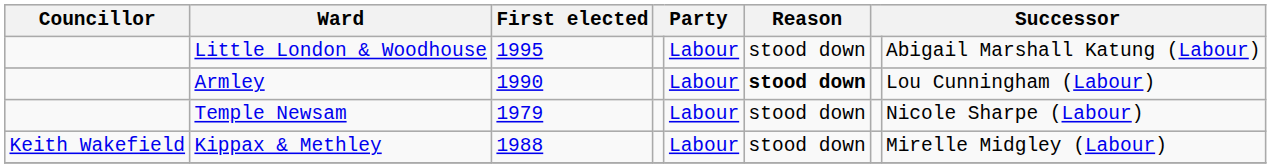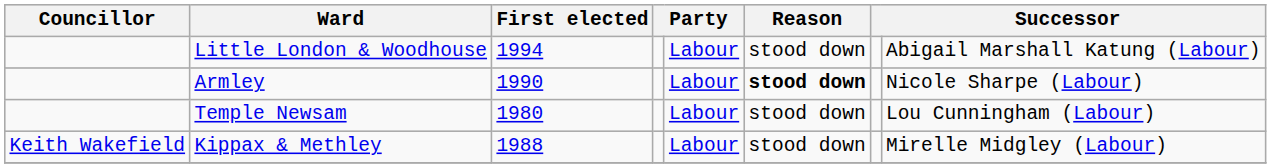 <table class="wikitable sortable" style="font-size:95%;">
 <tr>
 <th scope="col">Councillor</th>
 <th scope="col">Ward</th>
 <th scope="col">First elected</th>
 <th colspan="2" scope="col">Party</th>
 <th scope="col">Reason</th>
 <th colspan="2" scope="col">Successor</th>
 </tr>
 <tr>
 <td></td>
 <td><a href='#'>Little London & Woodhouse</a></td>
-<td><a href='#'>1995</a></td>
+<td><a href='#'>1994</a></td>
 <td width="1" style="color:inherit;background:"></td>
 <td><a href='#'>Labour</a></td>
 <td>stood down</td>
 <td width="1" style="color:inherit;background:"></td>
 <td>Abigail Marshall Katung (<a href='#'>Labour</a>)</td>
 </tr>
 <tr>
 <td></td>
 <td><a href='#'>Armley</a></td>
 <td><a href='#'>1990</a></td>
 <td width="1" style="color:inherit;background:"></td>
 <td><a href='#'>Labour</a></td>
 <td><strong>stood down</strong></td>
 <td width="1" style="color:inherit;background:"></td>
-<td>Lou Cunningham (<a href='#'>Labour</a>)</td>
+<td>Nicole Sharpe (<a href='#'>Labour</a>)</td>
 </tr>
 <tr>
 <td> </td>
 <td><a href='#'>Temple Newsam</a></td>
-<td><a href='#'>1979</a></td>
+<td><a href='#'>1980</a></td>
 <td width="1" style="color:inherit;background:"></td>
 <td><a href='#'>Labour</a></td>
 <td>stood down</td>
 <td width="1" style="color:inherit;background:"></td>
-<td>Nicole Sharpe (<a href='#'>Labour</a>)</td>
+<td>Lou Cunningham (<a href='#'>Labour</a>)</td>
 </tr>
 <tr>
 <td><a href='#'>Keith Wakefield</a></td>
 <td><a href='#'>Kippax & Methley</a></td>
 <td><a href='#'>1988</a></td>
 <td width="1" style="color:inherit;background:"></td>
 <td><a href='#'>Labour</a></td>
 <td>stood down</td>
 <td width="1" style="color:inherit;background:"></td>
 <td>Mirelle Midgley (<a href='#'>Labour</a>)</td>
 </tr>
 <tr>
 </tr>
 </table>
